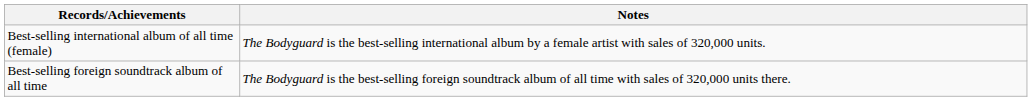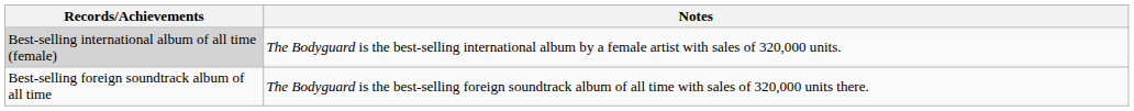 <table class="wikitable sortable plainrowheaders">
 <tr>
 <th scope="col" width=20%>Records/Achievements</th>
 <th scope="col" width=67%>Notes</th>
 </tr>
 <tr>
-<td>Best-selling international album of all time (female)</td>
+<td style="background: lightgrey;">Best-selling international album of all time (female)</td>
 <td><em>The Bodyguard</em> is the best-selling international album by a female artist with sales of 320,000 units.</td>
 </tr>
 <tr>
 <td>Best-selling foreign soundtrack album of all time</td>
 <td><em>The Bodyguard</em> is the best-selling foreign soundtrack album of all time with sales of 320,000 units there.</td>
 </tr>
 </table>
